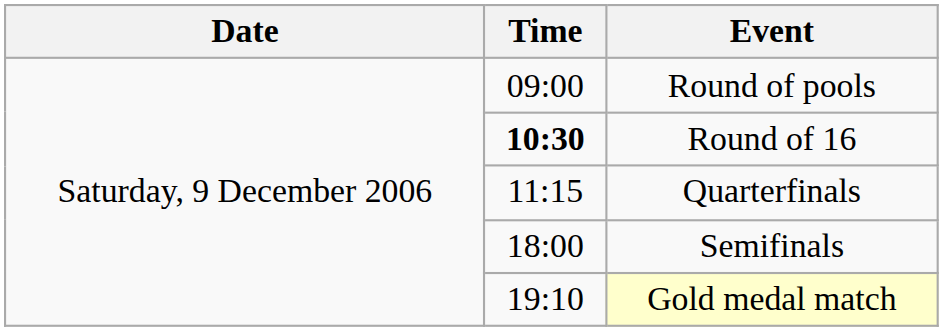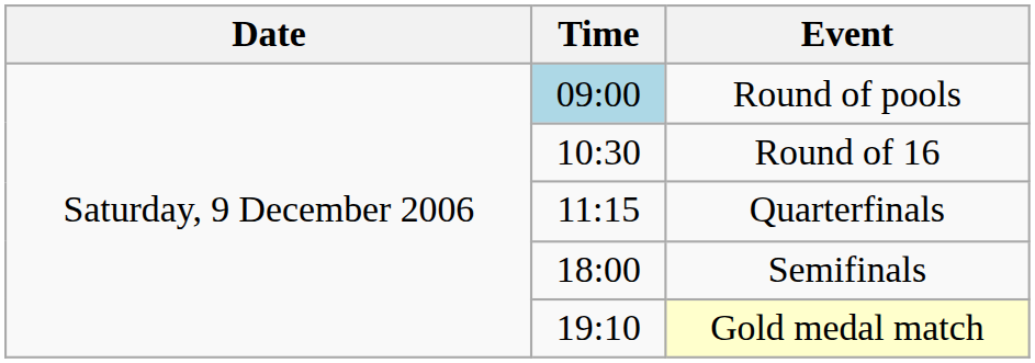 <table class = "wikitable" style="text-align:center;">
 <tr>
 <th width=220>Date</th>
 <th width=50>Time</th>
 <th width=150>Event</th>
 </tr>
 <tr>
 <td rowspan=5>Saturday, 9 December 2006</td>
-<td>09:00</td>
+<td style="background: lightblue;">09:00</td>
 <td>Round of pools</td>
 </tr>
 <tr>
-<td><strong>10:30</strong></td>
+<td>10:30</td>
 <td>Round of 16</td>
 </tr>
 <tr>
 <td>11:15</td>
 <td>Quarterfinals</td>
 </tr>
 <tr>
 <td>18:00</td>
 <td>Semifinals</td>
 </tr>
 <tr>
 <td>19:10</td>
 <td bgcolor=ffffcc>Gold medal match</td>
 </tr>
 </table>
